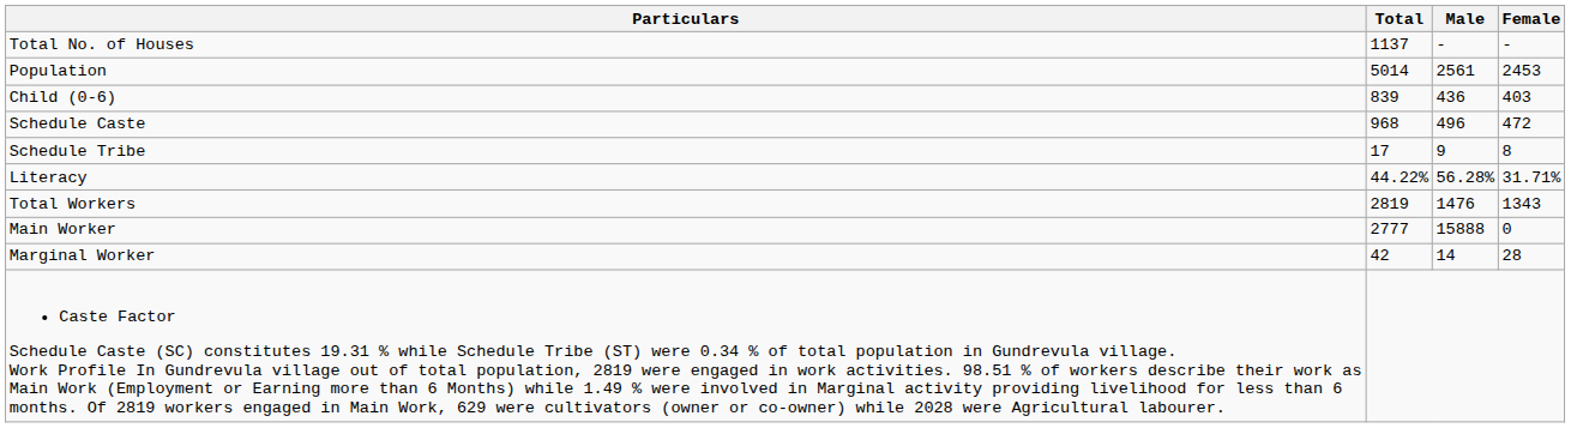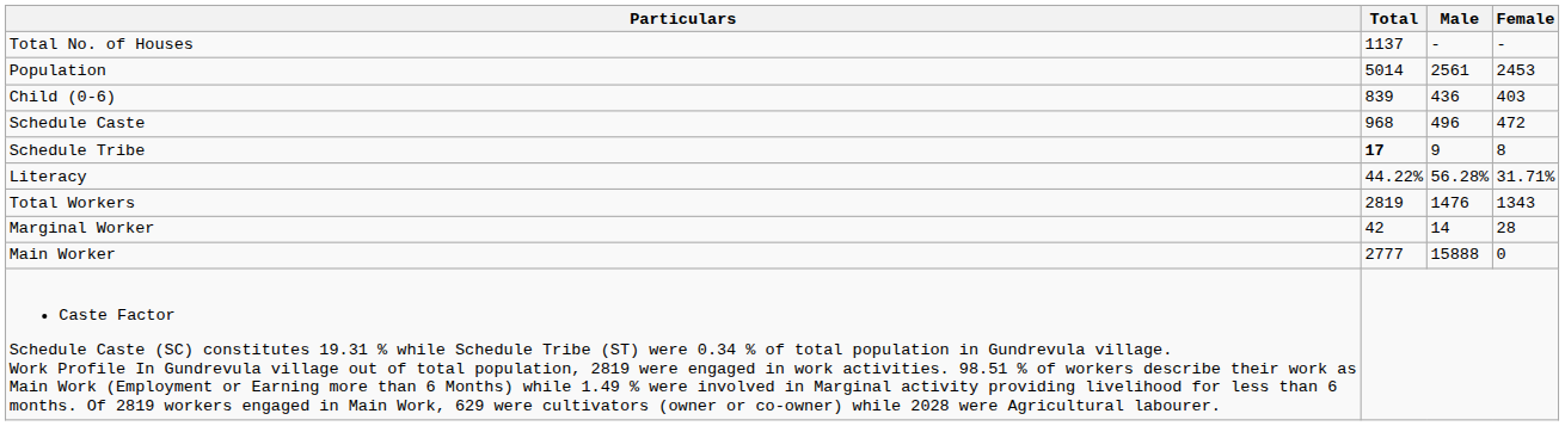 <table class="wikitable">
 <tr>
 <th>Particulars</th>
 <th>Total</th>
 <th>Male</th>
 <th>Female</th>
 </tr>
 <tr>
 <td>Total No. of Houses</td>
 <td>1137</td>
 <td>-</td>
 <td>-</td>
 </tr>
 <tr>
 <td>Population</td>
 <td>5014</td>
 <td>2561</td>
 <td>2453</td>
 </tr>
 <tr>
 <td>Child (0-6)</td>
 <td>839</td>
 <td>436</td>
 <td>403</td>
 </tr>
 <tr>
 <td>Schedule Caste</td>
 <td>968</td>
 <td>496</td>
 <td>472</td>
 </tr>
 <tr>
 <td>Schedule Tribe</td>
-<td>17</td>
+<td><strong>17</strong></td>
 <td>9</td>
 <td>8</td>
 </tr>
 <tr>
 <td>Literacy</td>
 <td>44.22%</td>
 <td>56.28%</td>
 <td>31.71%</td>
 </tr>
 <tr>
 <td>Total Workers</td>
 <td>2819</td>
 <td>1476</td>
 <td>1343</td>
 </tr>
 <tr>
+<td>Marginal Worker</td>
+<td>42</td>
+<td>14</td>
+<td>28</td>
+</tr>
+<tr>
 <td>Main Worker</td>
 <td>2777</td>
 <td>15888</td>
 <td>0</td>
 </tr>
 <tr>
-<td>Marginal Worker</td>
-<td>42</td>
-<td>14</td>
-<td>28</td>
-</tr>
-<tr>
 <td><br><ul><li>Caste Factor</li></ul>Schedule Caste (SC) constitutes 19.31 % while Schedule Tribe (ST) were 0.34 % of total population in Gundrevula village.<br>Work Profile In Gundrevula village out of total population, 2819 were engaged in work activities. 98.51 % of workers describe their work as Main Work (Employment or Earning more than 6 Months) while 1.49 % were involved in Marginal activity providing livelihood for less than 6 months. Of 2819 workers engaged in Main Work, 629 were cultivators (owner or co-owner) while 2028 were Agricultural labourer.</td>
 </tr>
 </table>
